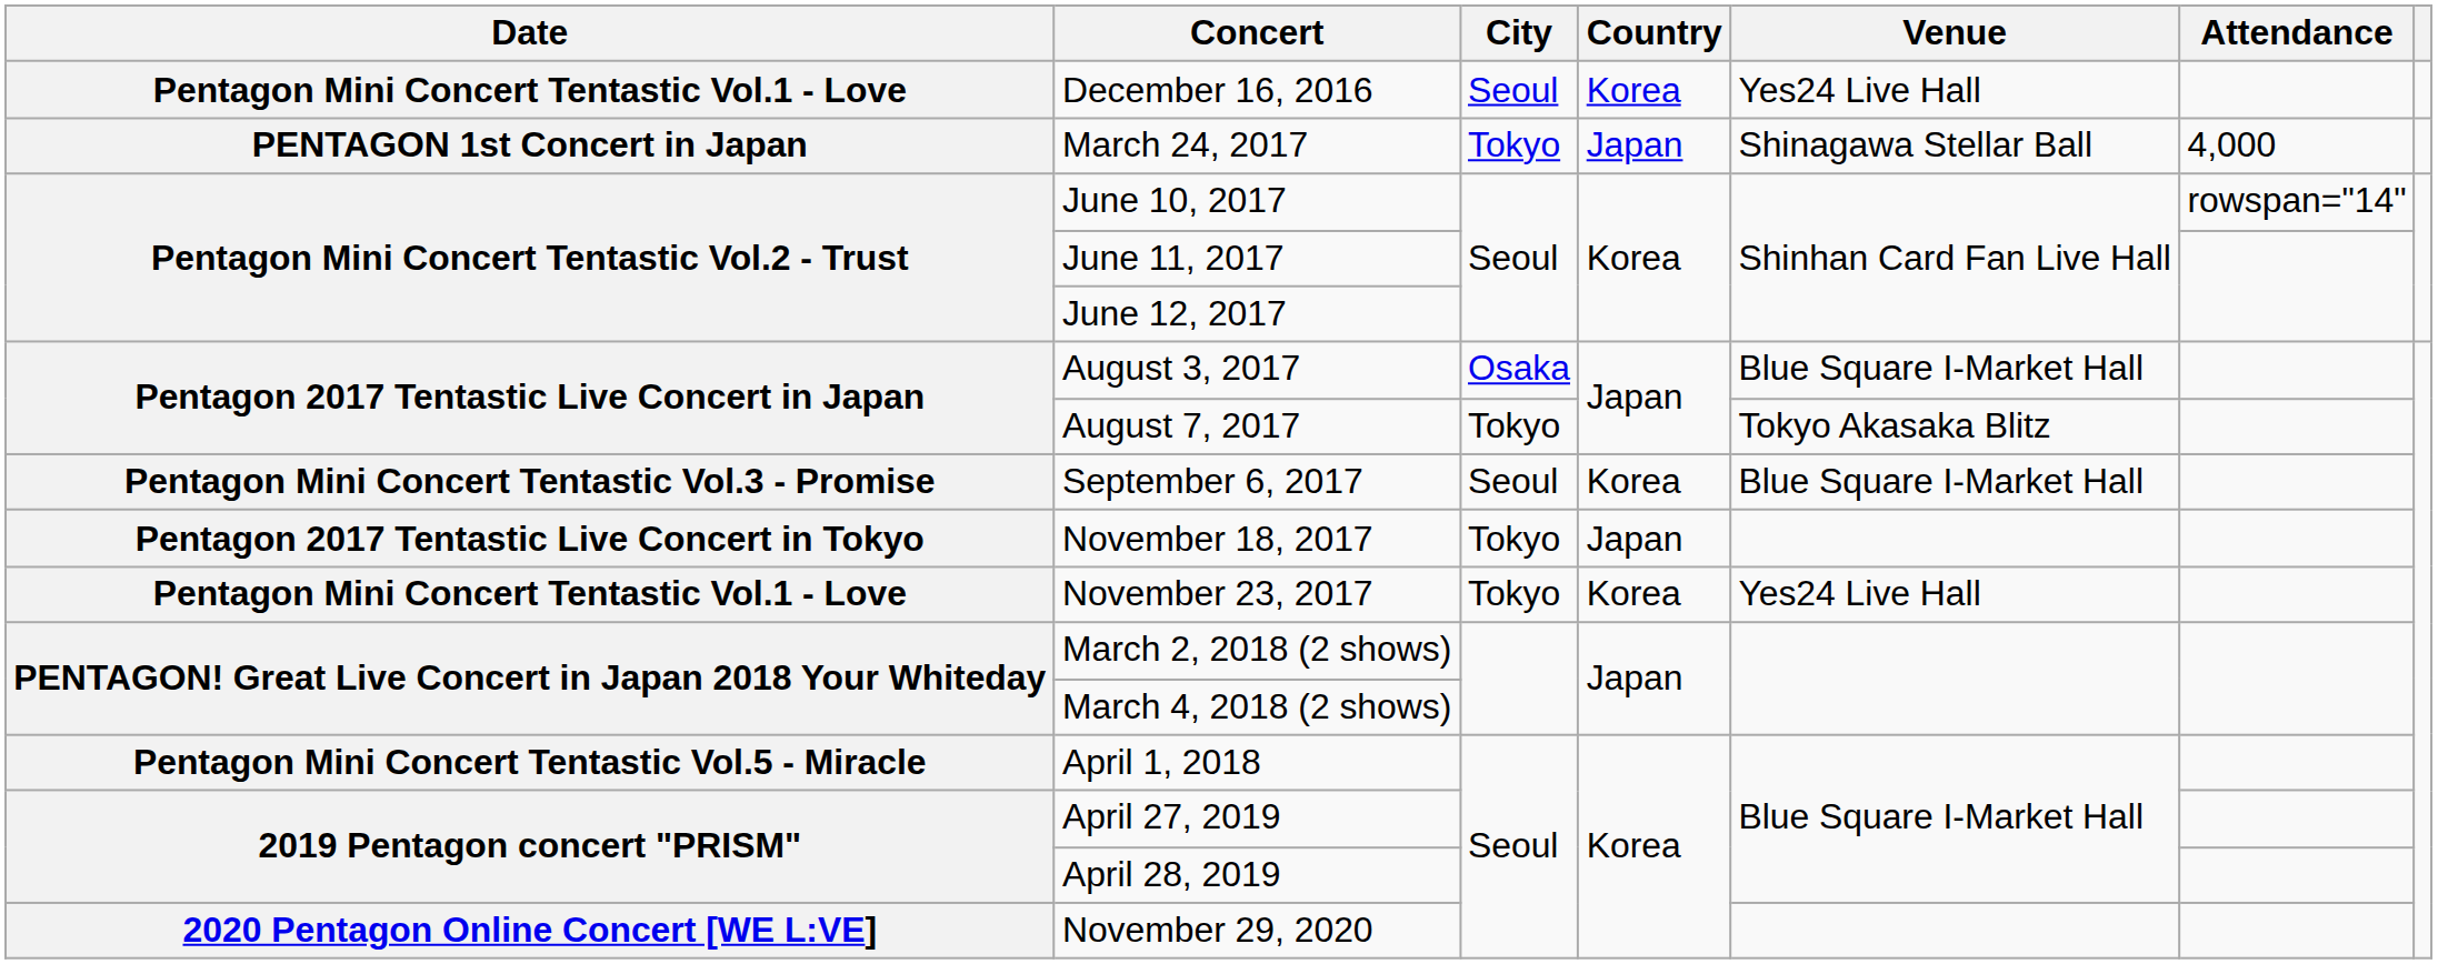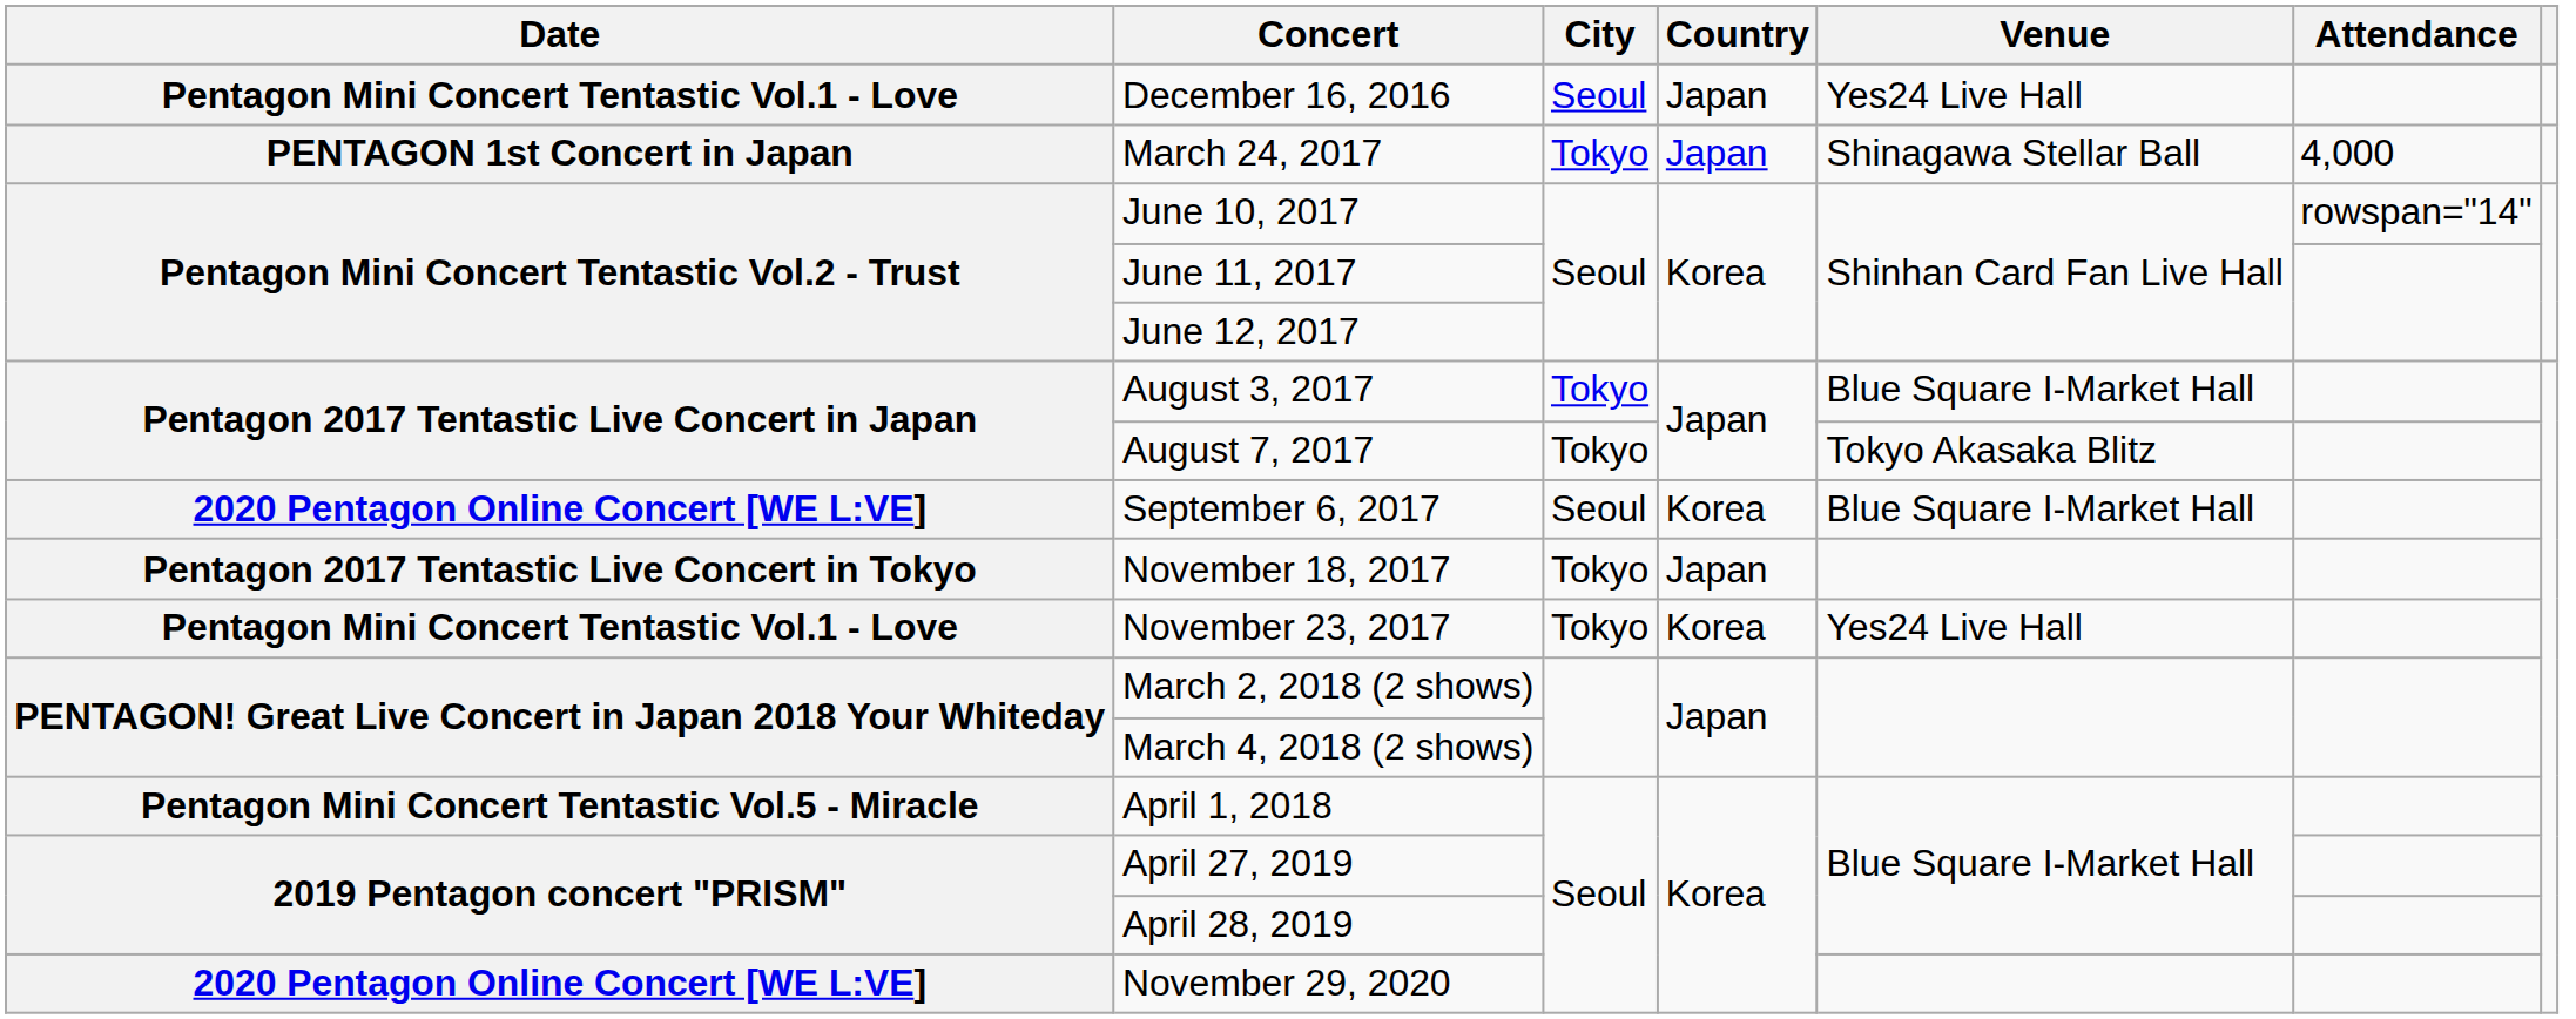 <table class="wikitable sortable plainrowheaders">
 <tr>
 <th>Date</th>
 <th>Concert</th>
 <th>City</th>
 <th>Country</th>
 <th>Venue</th>
 <th>Attendance</th>
 <th></th>
 </tr>
 <tr>
 <th scope="row">Pentagon Mini Concert Tentastic Vol.1 - Love</th>
 <td>December 16, 2016</td>
 <td><a href='#'>Seoul</a></td>
-<td><a href='#'>Korea</a></td>
+<td>Japan</td>
 <td>Yes24 Live Hall</td>
 <td></td>
 <td></td>
 </tr>
 <tr>
 <th scope="row">PENTAGON 1st Concert in Japan</th>
 <td>March 24, 2017</td>
 <td><a href='#'>Tokyo</a></td>
 <td><a href='#'>Japan</a></td>
 <td>Shinagawa Stellar Ball</td>
 <td>4,000</td>
 <td></td>
 </tr>
 <tr>
 <th rowspan="3" scope="row">Pentagon Mini Concert Tentastic Vol.2 - Trust</th>
 <td>June 10, 2017</td>
 <td rowspan="3">Seoul</td>
 <td rowspan="3">Korea</td>
 <td rowspan="3">Shinhan Card Fan Live Hall</td>
 <td>rowspan="14" </td>
 <td rowspan="3"></td>
 </tr>
 <tr>
 <td>June 11, 2017</td>
 </tr>
 <tr>
 <td>June 12, 2017</td>
 </tr>
 <tr>
 <th rowspan="2" scope="row">Pentagon 2017 Tentastic Live Concert in Japan</th>
 <td>August 3, 2017</td>
-<td><a href='#'>Osaka</a></td>
+<td><a href='#'>Tokyo</a></td>
 <td rowspan="2">Japan</td>
 <td>Blue Square I-Market Hall</td>
 <td></td>
 </tr>
 <tr>
 <td>August 7, 2017</td>
 <td>Tokyo</td>
 <td>Tokyo Akasaka Blitz</td>
 <td></td>
 </tr>
 <tr>
-<th scope="row">Pentagon Mini Concert Tentastic Vol.3 - Promise</th>
+<th scope="row"><a href='#'>2020 Pentagon Online Concert [WE L:VE</a>]</th>
 <td>September 6, 2017</td>
 <td>Seoul</td>
 <td>Korea</td>
 <td>Blue Square I-Market Hall</td>
 <td></td>
 </tr>
 <tr>
 <th scope="row">Pentagon 2017 Tentastic Live Concert in Tokyo</th>
 <td>November 18, 2017</td>
 <td>Tokyo</td>
 <td>Japan</td>
 <td></td>
 <td></td>
 </tr>
 <tr>
 <th scope="row">Pentagon Mini Concert Tentastic Vol.1 - Love</th>
 <td>November 23, 2017</td>
 <td>Tokyo</td>
 <td>Korea</td>
 <td>Yes24 Live Hall</td>
 <td></td>
 </tr>
 <tr>
 <th rowspan="2" scope="row">PENTAGON! Great Live Concert in Japan 2018 Your Whiteday</th>
 <td>March 2, 2018 (2 shows)</td>
 <td rowspan="2"></td>
 <td rowspan="2">Japan</td>
 <td rowspan="2"></td>
 <td rowspan="2"></td>
 </tr>
 <tr>
 <td>March 4, 2018 (2 shows)</td>
 </tr>
 <tr>
 <th scope="row">Pentagon Mini Concert Tentastic Vol.5 - Miracle</th>
 <td>April 1, 2018</td>
 <td rowspan="4">Seoul</td>
 <td rowspan="4">Korea</td>
 <td rowspan="3">Blue Square I-Market Hall</td>
 <td></td>
 </tr>
 <tr>
 <th rowspan="2" scope="row">2019 Pentagon concert "PRISM"</th>
 <td>April 27, 2019</td>
 <td></td>
 </tr>
 <tr>
 <td>April 28, 2019</td>
 <td></td>
 </tr>
 <tr>
 <th scope="row"><a href='#'>2020 Pentagon Online Concert [WE L:VE</a>]</th>
 <td>November 29, 2020</td>
 <td></td>
 <td></td>
 </tr>
 </table>
